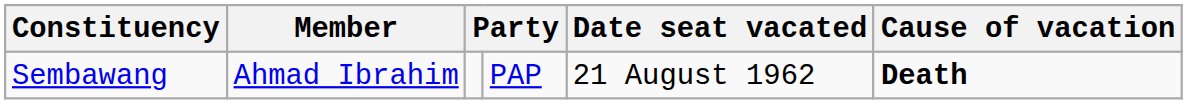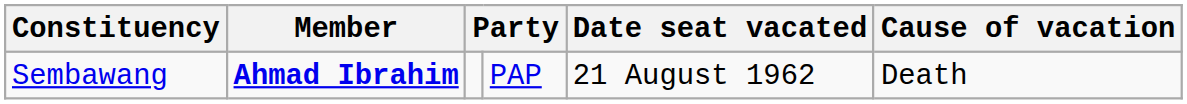 <table class="wikitable" border="1">
 <tr>
 <th>Constituency</th>
 <th>Member</th>
 <th colspan="2">Party</th>
 <th>Date seat vacated</th>
 <th>Cause of vacation</th>
 </tr>
 <tr>
 <td scope="row"><a href='#'>Sembawang</a></td>
-<td><a href='#'>Ahmad Ibrahim</a></td>
+<td><strong><a href='#'>Ahmad Ibrahim</a></strong></td>
 <td></td>
 <td><a href='#'>PAP</a></td>
 <td>21 August 1962</td>
-<td><strong>Death</strong></td>
+<td>Death</td>
 </tr>
 </table>
